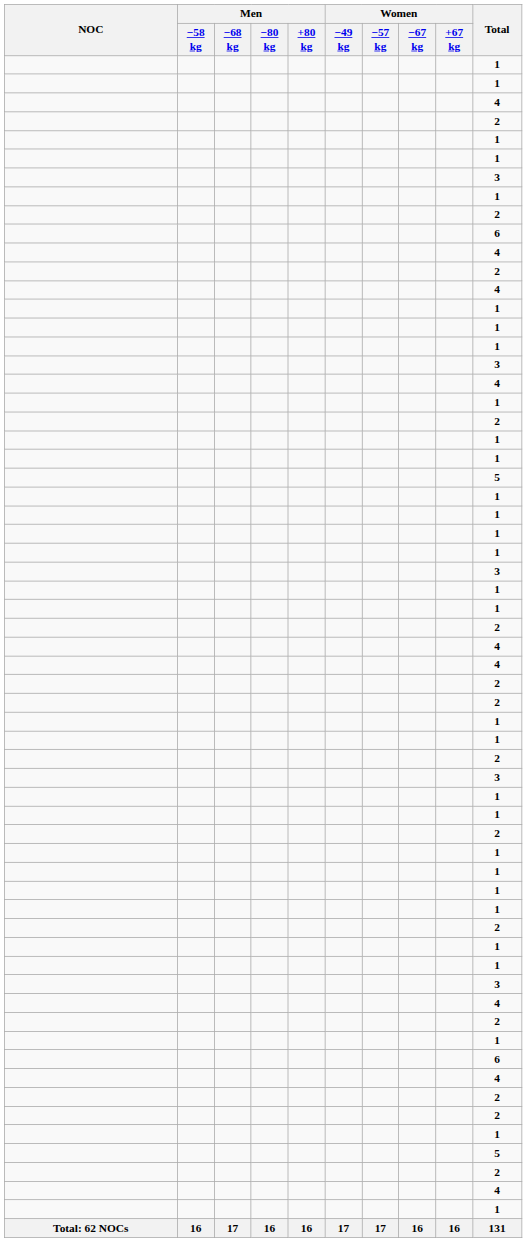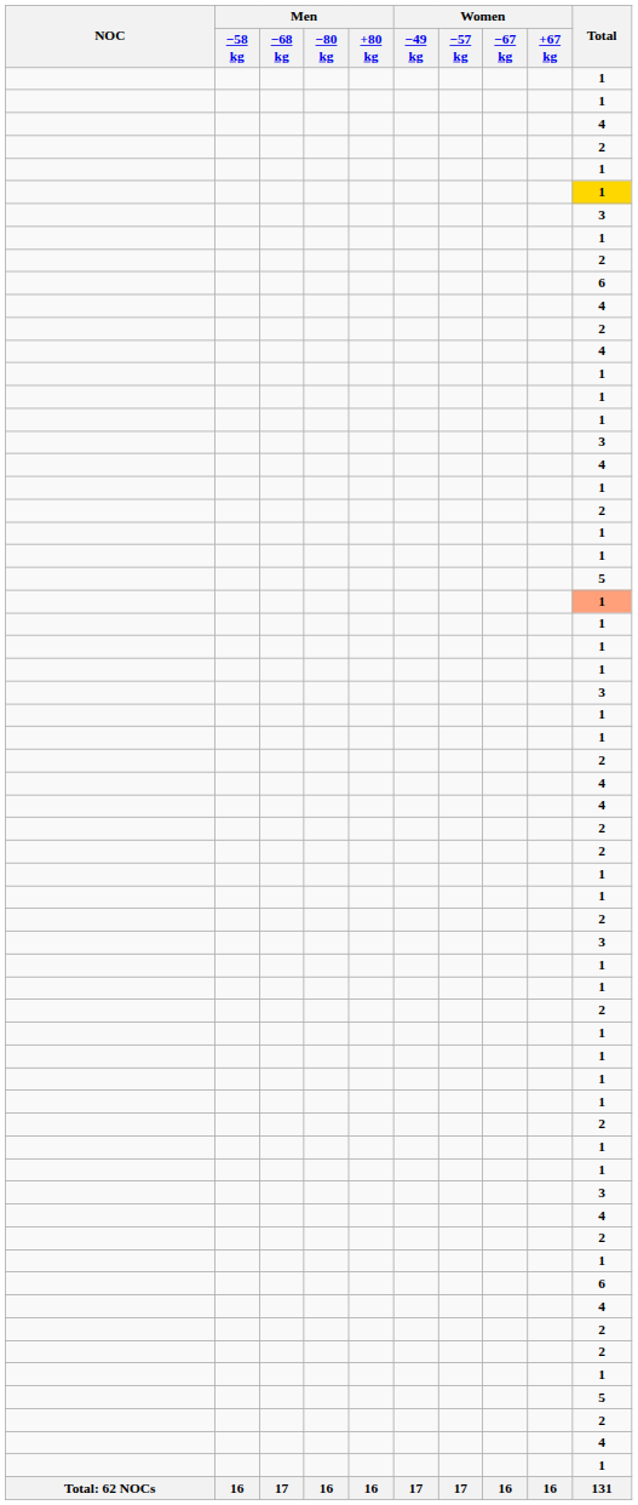 <table class="wikitable sortable" style="text-align:center; font-size:90%">
 <tr>
 <th rowspan="2" width=212 align="left">NOC</th>
 <th colspan=4>Men</th>
 <th colspan=4>Women</th>
 <th width=55 rowspan="2">Total</th>
 </tr>
 <tr>
 <th width=40><a href='#'>−58 kg</a></th>
 <th width=40><a href='#'>−68 kg</a></th>
 <th width=40><a href='#'>−80 kg</a></th>
 <th width=40><a href='#'>+80 kg</a></th>
 <th width=40><a href='#'>−49 kg</a></th>
 <th width=40><a href='#'>−57 kg</a></th>
 <th width=40><a href='#'>−67 kg</a></th>
 <th width=40><a href='#'>+67 kg</a></th>
 </tr>
 <tr>
 <td align=left></td>
 <td></td>
 <td></td>
 <td></td>
 <td></td>
 <td></td>
 <td></td>
 <td></td>
 <td></td>
 <td><strong>1</strong></td>
 </tr>
 <tr>
 <td align=left></td>
 <td></td>
 <td></td>
 <td></td>
 <td></td>
 <td></td>
 <td></td>
 <td></td>
 <td></td>
 <td><strong>1</strong></td>
 </tr>
 <tr>
 <td align=left></td>
 <td></td>
 <td></td>
 <td></td>
 <td></td>
 <td></td>
 <td></td>
 <td></td>
 <td></td>
 <td><strong>4</strong></td>
 </tr>
 <tr>
 <td align=left></td>
 <td></td>
 <td></td>
 <td></td>
 <td></td>
 <td></td>
 <td></td>
 <td></td>
 <td></td>
 <td><strong>2</strong></td>
 </tr>
 <tr>
 <td align=left></td>
 <td></td>
 <td></td>
 <td></td>
 <td></td>
 <td></td>
 <td></td>
 <td></td>
 <td></td>
 <td><strong>1</strong></td>
 </tr>
 <tr>
 <td align=left></td>
 <td></td>
 <td></td>
 <td></td>
 <td></td>
 <td></td>
 <td></td>
 <td></td>
 <td></td>
-<td><strong>1</strong></td>
+<td style="background: gold;"><strong>1</strong></td>
 </tr>
 <tr>
 <td align=left></td>
 <td></td>
 <td></td>
 <td></td>
 <td></td>
 <td></td>
 <td></td>
 <td></td>
 <td></td>
 <td><strong>3</strong></td>
 </tr>
 <tr>
 <td align=left></td>
 <td></td>
 <td></td>
 <td></td>
 <td></td>
 <td></td>
 <td></td>
 <td></td>
 <td></td>
 <td><strong>1</strong></td>
 </tr>
 <tr>
 <td align=left></td>
 <td></td>
 <td></td>
 <td></td>
 <td></td>
 <td></td>
 <td></td>
 <td></td>
 <td></td>
 <td><strong>2</strong></td>
 </tr>
 <tr>
 <td align=left></td>
 <td></td>
 <td></td>
 <td></td>
 <td></td>
 <td></td>
 <td></td>
 <td></td>
 <td></td>
 <td><strong>6</strong></td>
 </tr>
 <tr>
 <td align=left></td>
 <td></td>
 <td></td>
 <td></td>
 <td></td>
 <td></td>
 <td></td>
 <td></td>
 <td></td>
 <td><strong>4</strong></td>
 </tr>
 <tr>
 <td align=left></td>
 <td></td>
 <td></td>
 <td></td>
 <td></td>
 <td></td>
 <td></td>
 <td></td>
 <td></td>
 <td><strong>2</strong></td>
 </tr>
 <tr>
 <td align=left></td>
 <td></td>
 <td></td>
 <td></td>
 <td></td>
 <td></td>
 <td></td>
 <td></td>
 <td></td>
 <td><strong>4</strong></td>
 </tr>
 <tr>
 <td align=left></td>
 <td></td>
 <td></td>
 <td></td>
 <td></td>
 <td></td>
 <td></td>
 <td></td>
 <td></td>
 <td><strong>1</strong></td>
 </tr>
 <tr>
 <td align=left></td>
 <td></td>
 <td></td>
 <td></td>
 <td></td>
 <td></td>
 <td></td>
 <td></td>
 <td></td>
 <td><strong>1</strong></td>
 </tr>
 <tr>
 <td align=left></td>
 <td></td>
 <td></td>
 <td></td>
 <td></td>
 <td></td>
 <td></td>
 <td></td>
 <td></td>
 <td><strong>1</strong></td>
 </tr>
 <tr>
 <td align=left></td>
 <td></td>
 <td></td>
 <td></td>
 <td></td>
 <td></td>
 <td></td>
 <td></td>
 <td></td>
 <td><strong>3</strong></td>
 </tr>
 <tr>
 <td align=left></td>
 <td></td>
 <td></td>
 <td></td>
 <td></td>
 <td></td>
 <td></td>
 <td></td>
 <td></td>
 <td><strong>4</strong></td>
 </tr>
 <tr>
 <td align=left></td>
 <td></td>
 <td></td>
 <td></td>
 <td></td>
 <td></td>
 <td></td>
 <td></td>
 <td></td>
 <td><strong>1</strong></td>
 </tr>
 <tr>
 <td align=left></td>
 <td></td>
 <td></td>
 <td></td>
 <td></td>
 <td></td>
 <td></td>
 <td></td>
 <td></td>
 <td><strong>2</strong></td>
 </tr>
 <tr>
 <td align=left></td>
 <td></td>
 <td></td>
 <td></td>
 <td></td>
 <td></td>
 <td></td>
 <td></td>
 <td></td>
 <td><strong>1</strong></td>
 </tr>
 <tr>
 <td align=left></td>
 <td></td>
 <td></td>
 <td></td>
 <td></td>
 <td></td>
 <td></td>
 <td></td>
 <td></td>
 <td><strong>1</strong></td>
 </tr>
 <tr>
 <td align=left></td>
 <td></td>
 <td></td>
 <td></td>
 <td></td>
 <td></td>
 <td></td>
 <td></td>
 <td></td>
 <td><strong>5</strong></td>
 </tr>
 <tr>
 <td align=left></td>
 <td></td>
 <td></td>
 <td></td>
 <td></td>
 <td></td>
 <td></td>
 <td></td>
 <td></td>
-<td><strong>1</strong></td>
+<td style="background: lightsalmon;"><strong>1</strong></td>
 </tr>
 <tr>
 <td align=left></td>
 <td></td>
 <td></td>
 <td></td>
 <td></td>
 <td></td>
 <td></td>
 <td></td>
 <td></td>
 <td><strong>1</strong></td>
 </tr>
 <tr>
 <td align=left></td>
 <td></td>
 <td></td>
 <td></td>
 <td></td>
 <td></td>
 <td></td>
 <td></td>
 <td></td>
 <td><strong>1</strong></td>
 </tr>
 <tr>
 <td align=left></td>
 <td></td>
 <td></td>
 <td></td>
 <td></td>
 <td></td>
 <td></td>
 <td></td>
 <td></td>
 <td><strong>1</strong></td>
 </tr>
 <tr>
 <td align=left></td>
 <td></td>
 <td></td>
 <td></td>
 <td></td>
 <td></td>
 <td></td>
 <td></td>
 <td></td>
 <td><strong>3</strong></td>
 </tr>
 <tr>
 <td align=left></td>
 <td></td>
 <td></td>
 <td></td>
 <td></td>
 <td></td>
 <td></td>
 <td></td>
 <td></td>
 <td><strong>1</strong></td>
 </tr>
 <tr>
 <td align=left></td>
 <td></td>
 <td></td>
 <td></td>
 <td></td>
 <td></td>
 <td></td>
 <td></td>
 <td></td>
 <td><strong>1</strong></td>
 </tr>
 <tr>
 <td align=left></td>
 <td></td>
 <td></td>
 <td></td>
 <td></td>
 <td></td>
 <td></td>
 <td></td>
 <td></td>
 <td><strong>2</strong></td>
 </tr>
 <tr>
 <td align=left></td>
 <td></td>
 <td></td>
 <td></td>
 <td></td>
 <td></td>
 <td></td>
 <td></td>
 <td></td>
 <td><strong>4</strong></td>
 </tr>
 <tr>
 <td align=left></td>
 <td></td>
 <td></td>
 <td></td>
 <td></td>
 <td></td>
 <td></td>
 <td></td>
 <td></td>
 <td><strong>4</strong></td>
 </tr>
 <tr>
 <td align=left></td>
 <td></td>
 <td></td>
 <td></td>
 <td></td>
 <td></td>
 <td></td>
 <td></td>
 <td></td>
 <td><strong>2</strong></td>
 </tr>
 <tr>
 <td align=left></td>
 <td></td>
 <td></td>
 <td></td>
 <td></td>
 <td></td>
 <td></td>
 <td></td>
 <td></td>
 <td><strong>2</strong></td>
 </tr>
 <tr>
 <td align=left></td>
 <td></td>
 <td></td>
 <td></td>
 <td></td>
 <td></td>
 <td></td>
 <td></td>
 <td></td>
 <td><strong>1</strong></td>
 </tr>
 <tr>
 <td align=left></td>
 <td></td>
 <td></td>
 <td></td>
 <td></td>
 <td></td>
 <td></td>
 <td></td>
 <td></td>
 <td><strong>1</strong></td>
 </tr>
 <tr>
 <td align=left></td>
 <td></td>
 <td></td>
 <td></td>
 <td></td>
 <td></td>
 <td></td>
 <td></td>
 <td></td>
 <td><strong>2</strong></td>
 </tr>
 <tr>
 <td align=left></td>
 <td></td>
 <td></td>
 <td></td>
 <td></td>
 <td></td>
 <td></td>
 <td></td>
 <td></td>
 <td><strong>3</strong></td>
 </tr>
 <tr>
 <td align=left></td>
 <td></td>
 <td></td>
 <td></td>
 <td></td>
 <td></td>
 <td></td>
 <td></td>
 <td></td>
 <td><strong>1</strong></td>
 </tr>
 <tr>
 <td align=left></td>
 <td></td>
 <td></td>
 <td></td>
 <td></td>
 <td></td>
 <td></td>
 <td></td>
 <td></td>
 <td><strong>1</strong></td>
 </tr>
 <tr>
 <td align=left></td>
 <td></td>
 <td></td>
 <td></td>
 <td></td>
 <td></td>
 <td></td>
 <td></td>
 <td></td>
 <td><strong>2</strong></td>
 </tr>
 <tr>
 <td align=left></td>
 <td></td>
 <td></td>
 <td></td>
 <td></td>
 <td></td>
 <td></td>
 <td></td>
 <td></td>
 <td><strong>1</strong></td>
 </tr>
 <tr>
 <td align=left></td>
 <td></td>
 <td></td>
 <td></td>
 <td></td>
 <td></td>
 <td></td>
 <td></td>
 <td></td>
 <td><strong>1</strong></td>
 </tr>
 <tr>
 <td align=left></td>
 <td></td>
 <td></td>
 <td></td>
 <td></td>
 <td></td>
 <td></td>
 <td></td>
 <td></td>
 <td><strong>1</strong></td>
 </tr>
 <tr>
 <td align=left></td>
 <td></td>
 <td></td>
 <td></td>
 <td></td>
 <td></td>
 <td></td>
 <td></td>
 <td></td>
 <td><strong>1</strong></td>
 </tr>
 <tr>
 <td align=left></td>
 <td></td>
 <td></td>
 <td></td>
 <td></td>
 <td></td>
 <td></td>
 <td></td>
 <td></td>
 <td><strong>2</strong></td>
 </tr>
 <tr>
 <td align=left></td>
 <td></td>
 <td></td>
 <td></td>
 <td></td>
 <td></td>
 <td></td>
 <td></td>
 <td></td>
 <td><strong>1</strong></td>
 </tr>
 <tr>
 <td align=left></td>
 <td></td>
 <td></td>
 <td></td>
 <td></td>
 <td></td>
 <td></td>
 <td></td>
 <td></td>
 <td><strong>1</strong></td>
 </tr>
 <tr>
 <td align=left></td>
 <td></td>
 <td></td>
 <td></td>
 <td></td>
 <td></td>
 <td></td>
 <td></td>
 <td></td>
 <td><strong>3</strong></td>
 </tr>
 <tr>
 <td align=left></td>
 <td></td>
 <td></td>
 <td></td>
 <td></td>
 <td></td>
 <td></td>
 <td></td>
 <td></td>
 <td><strong>4</strong></td>
 </tr>
 <tr>
 <td align=left></td>
 <td></td>
 <td></td>
 <td></td>
 <td></td>
 <td></td>
 <td></td>
 <td></td>
 <td></td>
 <td><strong>2</strong></td>
 </tr>
 <tr>
 <td align=left></td>
 <td></td>
 <td></td>
 <td></td>
 <td></td>
 <td></td>
 <td></td>
 <td></td>
 <td></td>
 <td><strong>1</strong></td>
 </tr>
 <tr>
 <td align=left></td>
 <td></td>
 <td></td>
 <td></td>
 <td></td>
 <td></td>
 <td></td>
 <td></td>
 <td></td>
 <td><strong>6</strong></td>
 </tr>
 <tr>
 <td align=left></td>
 <td></td>
 <td></td>
 <td></td>
 <td></td>
 <td></td>
 <td></td>
 <td></td>
 <td></td>
 <td><strong>4</strong></td>
 </tr>
 <tr>
 <td align=left></td>
 <td></td>
 <td></td>
 <td></td>
 <td></td>
 <td></td>
 <td></td>
 <td></td>
 <td></td>
 <td><strong>2</strong></td>
 </tr>
 <tr>
 <td align=left></td>
 <td></td>
 <td></td>
 <td></td>
 <td></td>
 <td></td>
 <td></td>
 <td></td>
 <td></td>
 <td><strong>2</strong></td>
 </tr>
 <tr>
 <td align=left></td>
 <td></td>
 <td></td>
 <td></td>
 <td></td>
 <td></td>
 <td></td>
 <td></td>
 <td></td>
 <td><strong>1</strong></td>
 </tr>
 <tr>
 <td align=left></td>
 <td></td>
 <td></td>
 <td></td>
 <td></td>
 <td></td>
 <td></td>
 <td></td>
 <td></td>
 <td><strong>5</strong></td>
 </tr>
 <tr>
 <td align=left></td>
 <td></td>
 <td></td>
 <td></td>
 <td></td>
 <td></td>
 <td></td>
 <td></td>
 <td></td>
 <td><strong>2</strong></td>
 </tr>
 <tr>
 <td align=left></td>
 <td></td>
 <td></td>
 <td></td>
 <td></td>
 <td></td>
 <td></td>
 <td></td>
 <td></td>
 <td><strong>4</strong></td>
 </tr>
 <tr>
 <td align=left></td>
 <td></td>
 <td></td>
 <td></td>
 <td></td>
 <td></td>
 <td></td>
 <td></td>
 <td></td>
 <td><strong>1</strong></td>
 </tr>
 <tr>
 <th>Total: 62 NOCs</th>
 <th>16</th>
 <th>17</th>
 <th>16</th>
 <th>16</th>
 <th>17</th>
 <th>17</th>
 <th>16</th>
 <th>16</th>
 <th>131</th>
 </tr>
 </table>
